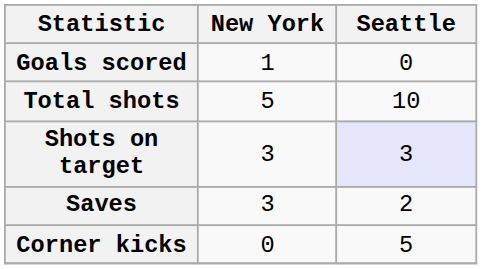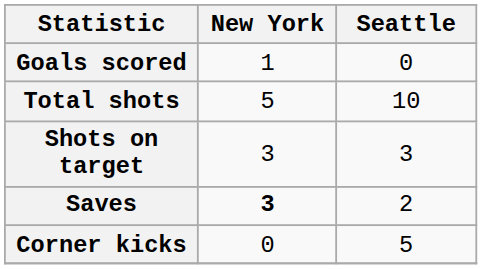 <table class="wikitable plainrowheaders" style="text-align:center">
 <tr>
 <th scope=col width=100>Statistic</th>
 <th scope=col width=70>New York</th>
 <th scope=col width=70>Seattle</th>
 </tr>
 <tr>
 <th scope=row>Goals scored</th>
 <td>1</td>
 <td>0</td>
 </tr>
 <tr>
 <th scope=row>Total shots</th>
 <td>5</td>
 <td>10</td>
 </tr>
 <tr>
 <th scope=row>Shots on target</th>
 <td>3</td>
-<td style="background: lavender;">3</td>
+<td>3</td>
 </tr>
 <tr>
 <th scope=row>Saves</th>
-<td>3</td>
+<td><strong>3</strong></td>
 <td>2</td>
 </tr>
 <tr>
 <th scope=row>Corner kicks</th>
 <td>0</td>
 <td>5</td>
 </tr>
 <tr>
 </tr>
 </table>
